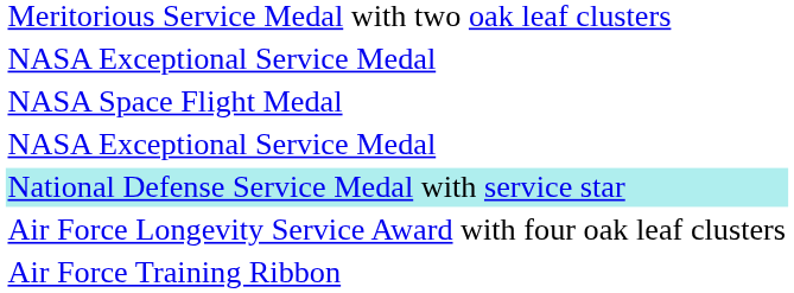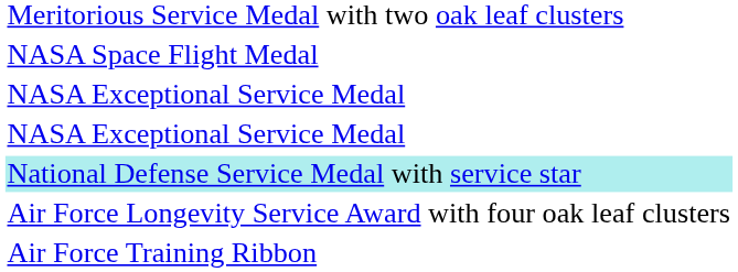 <table>
 <tr>
 <td></td>
 <td><a href='#'>Meritorious Service Medal</a> with two <a href='#'>oak leaf clusters</a></td>
 </tr>
 <tr>
 <td></td>
-<td><a href='#'>NASA Exceptional Service Medal</a></td>
+<td><a href='#'>NASA Space Flight Medal</a></td>
 </tr>
 <tr>
 <td></td>
-<td><a href='#'>NASA Space Flight Medal</a></td>
+<td><a href='#'>NASA Exceptional Service Medal</a></td>
 </tr>
 <tr>
 <td></td>
 <td><a href='#'>NASA Exceptional Service Medal</a></td>
 </tr>
 <tr>
 <td></td>
 <td style="background: paleturquoise;"><a href='#'>National Defense Service Medal</a> with <a href='#'>service star</a></td>
 </tr>
 <tr>
 <td></td>
 <td><a href='#'>Air Force Longevity Service Award</a> with four oak leaf clusters</td>
 </tr>
 <tr>
 <td></td>
 <td><a href='#'>Air Force Training Ribbon</a></td>
 </tr>
 </table>
